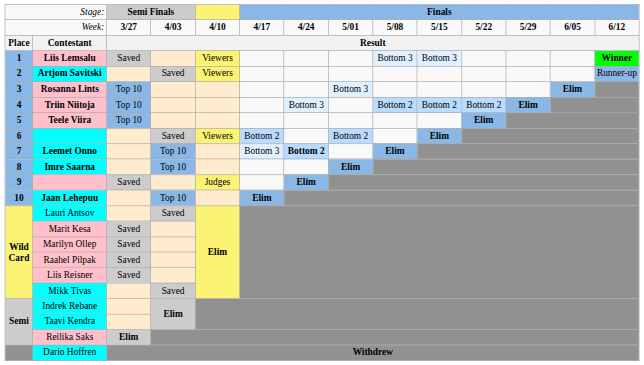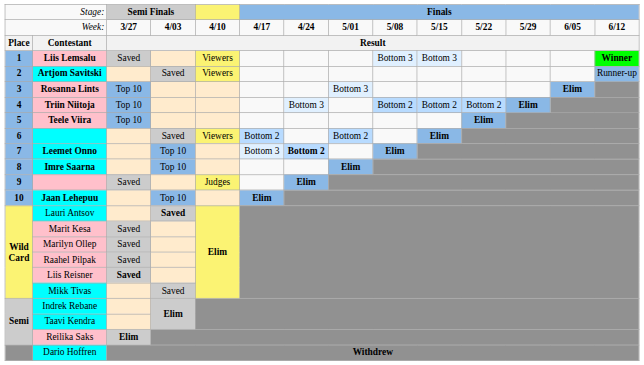 <table class="wikitable" style="margin:1em auto; text-align:center; font-size:85%">
 <tr>
 <td colspan="2" align="right"><em>Stage:</em></td>
 <td colspan="2" bgcolor="CCCCCC"><strong>Semi Finals</strong></td>
 <td bgcolor="#FBF373" align="center"></td>
 <td colspan="9" bgcolor="8AB8E6"><strong>Finals</strong></td>
 </tr>
 <tr>
 <td colspan="2" align="right"><em>Week:</em></td>
 <td align="center" width=7%><strong>3/27</strong></td>
 <td align="center" width=7%><strong>4/03</strong></td>
 <td align="center" width=7%><strong>4/10</strong></td>
 <td align="center" width=7%><strong>4/17</strong></td>
 <td align="center" width=7%><strong>4/24</strong></td>
 <td align="center" width=7%><strong>5/01</strong></td>
 <td align="center" width=7%><strong>5/08</strong></td>
 <td align="center" width=7%><strong>5/15</strong></td>
 <td align="center" width=7%><strong>5/22</strong></td>
 <td align="center" width=7%><strong>5/29</strong></td>
 <td align="center" width=7%><strong>6/05</strong></td>
 <td align="center" width=7%><strong>6/12</strong></td>
 </tr>
 <tr>
 <th>Place</th>
 <th>Contestant</th>
 <th colspan="12">Result</th>
 </tr>
 <tr>
 <td bgcolor="8AB8E6"><strong>1</strong></td>
 <td bgcolor="pink"><strong>Liis Lemsalu</strong></td>
 <td bgcolor="#CCCCCC">Saved</td>
 <td style="background:#ffebcd;"></td>
 <td bgcolor="FBF373">Viewers</td>
 <td></td>
 <td></td>
 <td></td>
 <td bgcolor="E0F0FF">Bottom 3</td>
 <td bgcolor="E0F0FF">Bottom 3</td>
 <td></td>
 <td></td>
 <td></td>
 <td bgcolor="lime"><strong>Winner</strong></td>
 </tr>
 <tr>
 <td bgcolor="8AB8E6"><strong>2</strong></td>
 <td bgcolor="cyan"><strong>Artjom Savitski</strong></td>
 <td style="background:#ffebcd;"></td>
 <td bgcolor="#CCCCCC">Saved</td>
 <td bgcolor="FBF373">Viewers</td>
 <td></td>
 <td></td>
 <td></td>
 <td></td>
 <td></td>
 <td></td>
 <td></td>
 <td></td>
 <td bgcolor="8AB8E6">Runner-up</td>
 </tr>
 <tr>
 <td bgcolor="8AB8E6"><strong>3</strong></td>
 <td bgcolor="pink"><strong>Rosanna Lints</strong></td>
 <td bgcolor="8AB8E6">Top 10</td>
 <td style="background:#ffebcd;"></td>
 <td style="background:#ffebcd;"></td>
 <td></td>
 <td></td>
 <td bgcolor="E0F0FF">Bottom 3</td>
 <td></td>
 <td></td>
 <td></td>
 <td></td>
 <td bgcolor="8AB8E6"><strong>Elim</strong></td>
 <td bgcolor="919191"></td>
 </tr>
 <tr>
 <td bgcolor="8AB8E6"><strong>4</strong></td>
 <td bgcolor="pink"><strong>Triin Niitoja</strong></td>
 <td bgcolor="8AB8E6">Top 10</td>
 <td style="background:#ffebcd;"></td>
 <td style="background:#ffebcd;"></td>
 <td></td>
 <td bgcolor="E0F0FF">Bottom 3</td>
 <td></td>
 <td bgcolor="B8DBFF">Bottom 2</td>
 <td bgcolor="B8DBFF">Bottom 2</td>
 <td bgcolor="B8DBFF">Bottom 2</td>
 <td bgcolor="8AB8E6"><strong>Elim</strong></td>
 <td bgcolor="919191" colspan=2></td>
 </tr>
 <tr>
 <td bgcolor="8AB8E6"><strong>5</strong></td>
 <td bgcolor="pink"><strong>Teele Viira</strong></td>
 <td bgcolor="8AB8E6">Top 10</td>
 <td style="background:#ffebcd;"></td>
 <td style="background:#ffebcd;"></td>
 <td></td>
 <td></td>
 <td></td>
 <td></td>
 <td></td>
 <td bgcolor="8AB8E6"><strong>Elim</strong></td>
 <td bgcolor="919191" colspan=3></td>
 </tr>
 <tr>
 <td bgcolor="8AB8E6"><strong>6</strong></td>
 <td bgcolor="cyan"><strong></strong></td>
 <td style="background:#ffebcd;"></td>
 <td bgcolor="#CCCCCC">Saved</td>
 <td bgcolor="FBF373">Viewers</td>
 <td bgcolor="B8DBFF">Bottom 2</td>
 <td></td>
 <td bgcolor="B8DBFF">Bottom 2</td>
 <td></td>
 <td bgcolor="8AB8E6"><strong>Elim</strong></td>
 <td bgcolor="919191" colspan=4></td>
 </tr>
 <tr>
 <td bgcolor="8AB8E6"><strong>7</strong></td>
 <td bgcolor="cyan"><strong>Leemet Onno</strong></td>
 <td style="background:#ffebcd;"></td>
 <td bgcolor="8AB8E6">Top 10</td>
 <td style="background:#ffebcd;"></td>
 <td bgcolor="E0F0FF">Bottom 3</td>
 <td bgcolor="B8DBFF"><strong>Bottom 2</strong></td>
 <td></td>
 <td bgcolor="8AB8E6"><strong>Elim</strong></td>
 <td bgcolor="919191" colspan=5></td>
 </tr>
 <tr>
 <td bgcolor="8AB8E6"><strong>8</strong></td>
 <td bgcolor="cyan"><strong>Imre Saarna</strong></td>
 <td style="background:#ffebcd;"></td>
 <td bgcolor="8AB8E6">Top 10</td>
 <td style="background:#ffebcd;"></td>
 <td></td>
 <td></td>
 <td bgcolor="8AB8E6"><strong>Elim</strong></td>
 <td bgcolor="919191" colspan=6></td>
 </tr>
 <tr>
 <td bgcolor="8AB8E6"><strong>9</strong></td>
 <td bgcolor="pink"><strong></strong></td>
 <td bgcolor="#CCCCCC">Saved</td>
 <td style="background:#ffebcd;"></td>
 <td bgcolor="FBF373">Judges</td>
 <td></td>
 <td bgcolor="8AB8E6"><strong>Elim</strong></td>
 <td bgcolor="919191" colspan=7></td>
 </tr>
 <tr>
 <td bgcolor="8AB8E6"><strong>10</strong></td>
 <td bgcolor="cyan"><strong>Jaan Lehepuu</strong></td>
 <td style="background:#ffebcd;"></td>
 <td bgcolor="8AB8E6">Top 10</td>
 <td style="background:#ffebcd;"></td>
 <td bgcolor="8AB8E6"><strong>Elim</strong></td>
 <td bgcolor="919191" colspan=8></td>
 </tr>
 <tr>
 <td style="background:#fbf373; text-align:center;" rowspan="6"><strong>Wild<br>Card</strong></td>
 <td bgcolor="cyan">Lauri Antsov</td>
 <td style="background:#ffebcd;"></td>
-<td bgcolor="#CCCCCC">Saved</td>
+<td bgcolor="#CCCCCC"><strong>Saved</strong></td>
 <td style="background:#fbf373; text-align:center;" rowspan="6"><strong>Elim</strong></td>
 <td bgcolor="919191" colspan=9 rowspan="6"></td>
 </tr>
 <tr>
 <td bgcolor="pink">Marit Kesa</td>
 <td bgcolor="#CCCCCC">Saved</td>
 <td style="background:#ffebcd;"></td>
 </tr>
 <tr>
 <td bgcolor="pink">Marilyn Ollep</td>
 <td bgcolor="#CCCCCC">Saved</td>
 <td style="background:#ffebcd;"></td>
 </tr>
 <tr>
 <td bgcolor="pink">Raahel Pilpak</td>
 <td bgcolor="#CCCCCC">Saved</td>
 <td style="background:#ffebcd;"></td>
 </tr>
 <tr>
 <td bgcolor="pink">Liis Reisner</td>
-<td bgcolor="#CCCCCC">Saved</td>
+<td bgcolor="#CCCCCC"><strong>Saved</strong></td>
 <td style="background:#ffebcd;"></td>
 </tr>
 <tr>
 <td bgcolor="cyan">Mikk Tivas</td>
 <td style="background:#ffebcd;"></td>
 <td bgcolor="#CCCCCC">Saved</td>
 </tr>
 <tr>
 <td bgcolor="CCCCCC" rowspan="3"><strong>Semi</strong></td>
 <td bgcolor="cyan">Indrek Rebane</td>
 <td style="background:#ffebcd;"></td>
 <td bgcolor="#CCCCCC" rowspan="2"><strong>Elim</strong></td>
 <td bgcolor="919191" colspan=10 rowspan="2"></td>
 </tr>
 <tr>
 <td bgcolor="cyan">Taavi Kendra</td>
 <td style="background:#ffebcd;"></td>
 </tr>
 <tr>
 <td bgcolor="pink">Reilika Saks</td>
 <td bgcolor="#CCCCCC"><strong>Elim</strong></td>
 <td bgcolor="919191" colspan=11></td>
 </tr>
 <tr>
 <td bgcolor="#919191" colspan="1"></td>
 <td bgcolor="cyan">Dario Hoffren</td>
 <td bgcolor="#919191" colspan="12"><span><strong>Withdrew</strong></span></td>
 </tr>
 </table>
